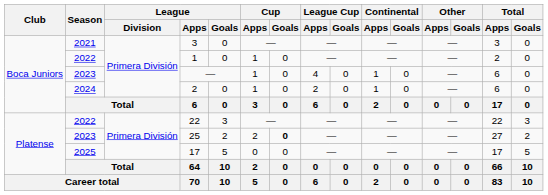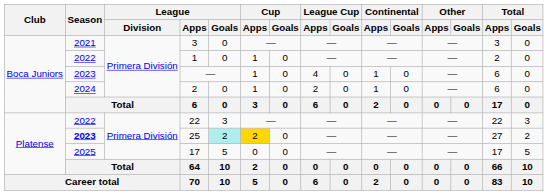 <table class="wikitable" style="text-align:center">
 <tr>
 <th rowspan="2">Club</th>
 <th rowspan="2">Season</th>
 <th colspan="3">League</th>
 <th colspan="2">Cup</th>
 <th colspan="2">League Cup</th>
 <th colspan="2">Continental</th>
 <th colspan="2">Other</th>
 <th colspan="2">Total</th>
 </tr>
 <tr>
 <th>Division</th>
 <th>Apps</th>
 <th>Goals</th>
 <th>Apps</th>
 <th>Goals</th>
 <th>Apps</th>
 <th>Goals</th>
 <th>Apps</th>
 <th>Goals</th>
 <th>Apps</th>
 <th>Goals</th>
 <th>Apps</th>
 <th>Goals</th>
 </tr>
 <tr>
 <td rowspan="5"><a href='#'>Boca Juniors</a></td>
 <td><a href='#'>2021</a></td>
 <td rowspan="4"><a href='#'>Primera División</a></td>
 <td>3</td>
 <td>0</td>
 <td colspan="2">—</td>
 <td colspan="2">—</td>
 <td colspan="2">—</td>
 <td colspan="2">—</td>
 <td>3</td>
 <td>0</td>
 </tr>
 <tr>
 <td><a href='#'>2022</a></td>
 <td>1</td>
 <td>0</td>
 <td>1</td>
 <td>0</td>
 <td colspan="2">—</td>
 <td colspan="2">—</td>
 <td colspan="2">—</td>
 <td>2</td>
 <td>0</td>
 </tr>
 <tr>
 <td><a href='#'>2023</a></td>
 <td colspan="2">—</td>
 <td>1</td>
 <td>0</td>
 <td>4</td>
 <td>0</td>
 <td>1</td>
 <td>0</td>
 <td colspan="2">—</td>
 <td>6</td>
 <td>0</td>
 </tr>
 <tr>
 <td><a href='#'>2024</a></td>
 <td>2</td>
 <td>0</td>
 <td>1</td>
 <td>0</td>
 <td>2</td>
 <td>0</td>
 <td>1</td>
 <td>0</td>
 <td colspan="2">—</td>
 <td>6</td>
 <td>0</td>
 </tr>
 <tr>
 <th colspan="2">Total</th>
 <th>6</th>
 <th>0</th>
 <th>3</th>
 <th>0</th>
 <th>6</th>
 <th>0</th>
 <th>2</th>
 <th>0</th>
 <th>0</th>
 <th>0</th>
 <th>17</th>
 <th>0</th>
 </tr>
 <tr>
 <td rowspan="4"><a href='#'>Platense</a></td>
 <td><a href='#'>2022</a></td>
 <td rowspan="3"><a href='#'>Primera División</a></td>
 <td>22</td>
 <td>3</td>
 <td colspan="2">—</td>
 <td colspan="2">—</td>
 <td colspan="2">—</td>
 <td colspan="2">—</td>
 <td>22</td>
 <td>3</td>
 </tr>
 <tr>
-<td><a href='#'>2023</a></td>
+<td><strong><a href='#'>2023</a></strong></td>
 <td>25</td>
-<td>2</td>
-<td>2</td>
-<td><strong>0</strong></td>
+<td style="background: paleturquoise;">2</td>
+<td style="background: gold;">2</td>
+<td>0</td>
 <td colspan="2">—</td>
 <td colspan="2">—</td>
 <td colspan="2">—</td>
 <td>27</td>
 <td>2</td>
 </tr>
 <tr>
 <td><a href='#'>2025</a></td>
 <td>17</td>
 <td>5</td>
 <td>0</td>
 <td>0</td>
 <td colspan="2">—</td>
 <td colspan="2">—</td>
 <td colspan="2">—</td>
 <td>17</td>
 <td>5</td>
 </tr>
 <tr>
 <th colspan="2">Total</th>
 <th>64</th>
 <th>10</th>
 <th>2</th>
 <th>0</th>
 <th>0</th>
 <th>0</th>
 <th>0</th>
 <th>0</th>
 <th>0</th>
 <th>0</th>
 <th>66</th>
 <th>10</th>
 </tr>
 <tr>
 <th colspan="3">Career total</th>
 <th>70</th>
 <th>10</th>
 <th>5</th>
 <th>0</th>
 <th>6</th>
 <th>0</th>
 <th>2</th>
 <th>0</th>
 <th>0</th>
 <th>0</th>
 <th>83</th>
 <th>10</th>
 </tr>
 </table>
